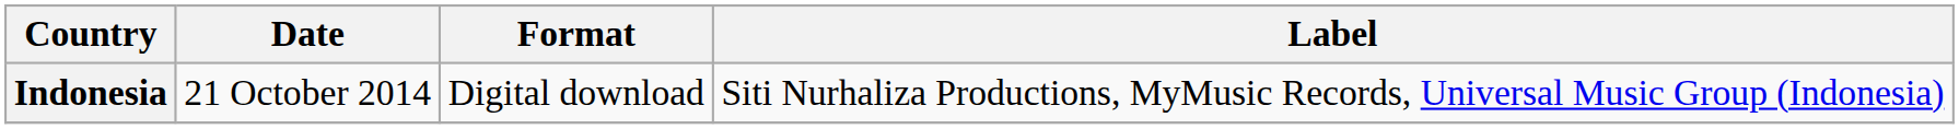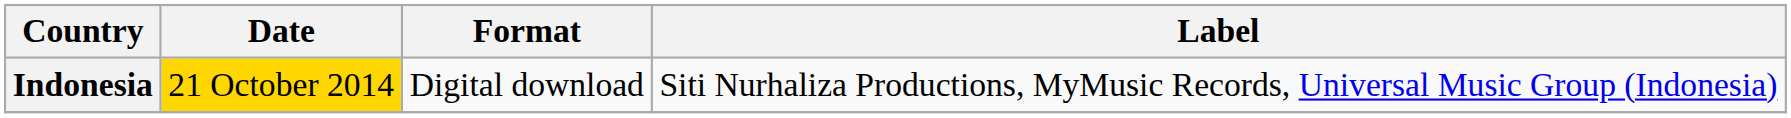 <table class="wikitable plainrowheaders" border="1">
 <tr>
 <th>Country</th>
 <th>Date</th>
 <th>Format</th>
 <th>Label</th>
 </tr>
 <tr>
 <th rowspan="1">Indonesia</th>
-<td rowspan="1">21 October 2014</td>
+<td rowspan="1" style="background: gold;">21 October 2014</td>
 <td rowspan="1">Digital download</td>
 <td rowspan="1">Siti Nurhaliza Productions, MyMusic Records, <a href='#'>Universal Music Group (Indonesia)</a></td>
 </tr>
 <tr>
 </tr>
 </table>
